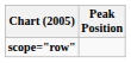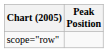 <table class="wikitable">
 <tr>
 <th align="left">Chart (2005)</th>
 <th align="left">Peak<br>Position</th>
 </tr>
 <tr>
-<td><strong>scope="row"</strong></td>
+<td>scope="row"</td>
 </tr>
 </table>
